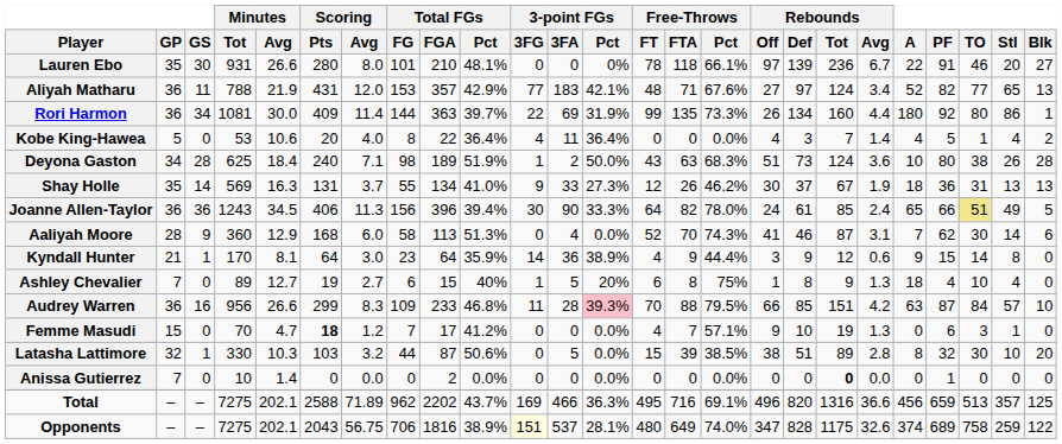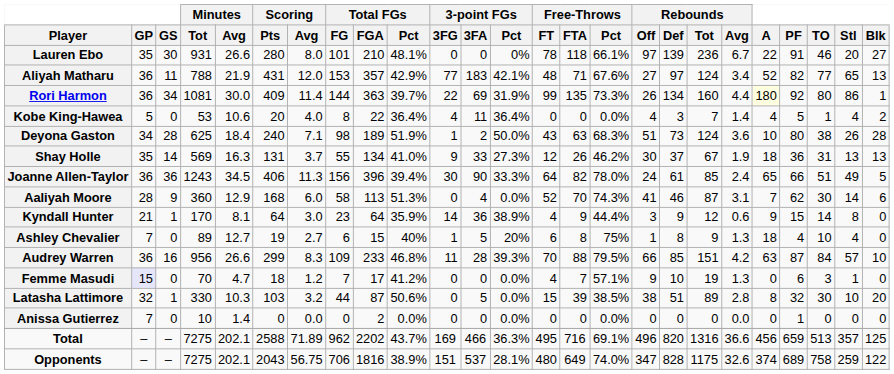 <table class="wikitable sortable" border="1" style="font-size:90%;">
 <tr>
 <th colspan="3" style="border-top-style:hidden; border-left-style:hidden; background: white;"></th>
 <th colspan="2" style=>Minutes</th>
 <th colspan="2" style=>Scoring</th>
 <th colspan="3" style=>Total FGs</th>
 <th colspan="3" style=>3-point FGs</th>
 <th colspan="3" style=>Free-Throws</th>
 <th colspan="4" style=>Rebounds</th>
 <th colspan="5" style="border-top-style:hidden; border-right-style:hidden; background: white;"></th>
 </tr>
 <tr>
 <th scope="col" style=>Player</th>
 <th scope="col" style=>GP</th>
 <th scope="col" style=>GS</th>
 <th scope="col" style=>Tot</th>
 <th scope="col" style=>Avg</th>
 <th scope="col" style=>Pts</th>
 <th scope="col" style=>Avg</th>
 <th scope="col" style=>FG</th>
 <th scope="col" style=>FGA</th>
 <th scope="col" style=>Pct</th>
 <th scope="col" style=>3FG</th>
 <th scope="col" style=>3FA</th>
 <th scope="col" style=>Pct</th>
 <th scope="col" style=>FT</th>
 <th scope="col" style=>FTA</th>
 <th scope="col" style=>Pct</th>
 <th scope="col" style=>Off</th>
 <th scope="col" style=>Def</th>
 <th scope="col" style=>Tot</th>
 <th scope="col" style=>Avg</th>
 <th scope="col" style=>A</th>
 <th scope="col">PF</th>
 <th scope="col">TO</th>
 <th scope="col" style=>Stl</th>
 <th scope="col" style=>Blk</th>
 </tr>
 <tr>
 <th>Lauren Ebo</th>
 <td align="right">35</td>
 <td align="right">30</td>
 <td align="right">931</td>
 <td align="right">26.6</td>
 <td align="right">280</td>
 <td align="right">8.0</td>
 <td align="right">101</td>
 <td align="right">210</td>
 <td align="right">48.1%</td>
 <td align="right">0</td>
 <td align="right">0</td>
 <td align="right">0%</td>
 <td align="right">78</td>
 <td align="right">118</td>
 <td align="right">66.1%</td>
 <td align="right">97</td>
 <td align="right">139</td>
 <td align="right">236</td>
 <td align="right">6.7</td>
 <td align="right">22</td>
 <td align="right">91</td>
 <td align="right">46</td>
 <td align="right">20</td>
 <td align="right">27</td>
 </tr>
 <tr>
 <th>Aliyah Matharu</th>
 <td align="right">36</td>
 <td align="right">11</td>
 <td align="right">788</td>
 <td align="right">21.9</td>
 <td align="right">431</td>
 <td align="right">12.0</td>
 <td align="right">153</td>
 <td align="right">357</td>
 <td align="right">42.9%</td>
 <td align="right">77</td>
 <td align="right">183</td>
 <td align="right">42.1%</td>
 <td align="right">48</td>
 <td align="right">71</td>
 <td align="right">67.6%</td>
 <td align="right">27</td>
 <td align="right">97</td>
 <td align="right">124</td>
 <td align="right">3.4</td>
 <td align="right">52</td>
 <td align="right">82</td>
 <td align="right">77</td>
 <td align="right">65</td>
 <td align="right">13</td>
 </tr>
 <tr>
 <th><a href='#'>Rori Harmon</a></th>
 <td align="right">36</td>
 <td align="right">34</td>
 <td align="right">1081</td>
 <td align="right">30.0</td>
 <td align="right">409</td>
 <td align="right">11.4</td>
 <td align="right">144</td>
 <td align="right">363</td>
 <td align="right">39.7%</td>
 <td align="right">22</td>
 <td align="right">69</td>
 <td align="right">31.9%</td>
 <td align="right">99</td>
 <td align="right">135</td>
 <td align="right">73.3%</td>
 <td align="right">26</td>
 <td align="right">134</td>
 <td align="right">160</td>
 <td align="right">4.4</td>
-<td align="right">180</td>
+<td align="right" style="background: lightyellow;">180</td>
 <td align="right">92</td>
 <td align="right">80</td>
 <td align="right">86</td>
 <td align="right">1</td>
 </tr>
 <tr>
 <th>Kobe King-Hawea</th>
 <td align="right">5</td>
 <td align="right">0</td>
 <td align="right">53</td>
 <td align="right">10.6</td>
 <td align="right">20</td>
 <td align="right">4.0</td>
 <td align="right">8</td>
 <td align="right">22</td>
 <td align="right">36.4%</td>
 <td align="right">4</td>
 <td align="right">11</td>
 <td align="right">36.4%</td>
 <td align="right">0</td>
 <td align="right">0</td>
 <td align="right">0.0%</td>
 <td align="right">4</td>
 <td align="right">3</td>
 <td align="right">7</td>
 <td align="right">1.4</td>
 <td align="right">4</td>
 <td align="right">5</td>
 <td align="right">1</td>
 <td align="right">4</td>
 <td align="right">2</td>
 </tr>
 <tr>
 <th style=white-space:nowrap>Deyona Gaston</th>
 <td align="right">34</td>
 <td align="right">28</td>
 <td align="right">625</td>
 <td align="right">18.4</td>
 <td align="right">240</td>
 <td align="right">7.1</td>
 <td align="right">98</td>
 <td align="right">189</td>
 <td align="right">51.9%</td>
 <td align="right">1</td>
 <td align="right">2</td>
 <td align="right">50.0%</td>
 <td align="right">43</td>
 <td align="right">63</td>
 <td align="right">68.3%</td>
 <td align="right">51</td>
 <td align="right">73</td>
 <td align="right">124</td>
 <td align="right">3.6</td>
 <td align="right">10</td>
 <td align="right">80</td>
 <td align="right">38</td>
 <td align="right">26</td>
 <td align="right">28</td>
 </tr>
 <tr>
 <th style=white-space:nowrap>Shay Holle</th>
 <td align="right">35</td>
 <td align="right">14</td>
 <td align="right">569</td>
 <td align="right">16.3</td>
 <td align="right">131</td>
 <td align="right">3.7</td>
 <td align="right">55</td>
 <td align="right">134</td>
 <td align="right">41.0%</td>
 <td align="right">9</td>
 <td align="right">33</td>
 <td align="right">27.3%</td>
 <td align="right">12</td>
 <td align="right">26</td>
 <td align="right">46.2%</td>
 <td align="right">30</td>
 <td align="right">37</td>
 <td align="right">67</td>
 <td align="right">1.9</td>
 <td align="right">18</td>
 <td align="right">36</td>
 <td align="right">31</td>
 <td align="right">13</td>
 <td align="right">13</td>
 </tr>
 <tr>
 <th style=white-space:nowrap>Joanne Allen-Taylor</th>
 <td align="right">36</td>
 <td align="right">36</td>
 <td align="right">1243</td>
 <td align="right">34.5</td>
 <td align="right">406</td>
 <td align="right">11.3</td>
 <td align="right">156</td>
 <td align="right">396</td>
 <td align="right">39.4%</td>
 <td align="right">30</td>
 <td align="right">90</td>
 <td align="right">33.3%</td>
 <td align="right">64</td>
 <td align="right">82</td>
 <td align="right">78.0%</td>
 <td align="right">24</td>
 <td align="right">61</td>
 <td align="right">85</td>
 <td align="right">2.4</td>
 <td align="right">65</td>
 <td align="right">66</td>
-<td align="right" style="background: khaki;">51</td>
+<td align="right">51</td>
 <td align="right">49</td>
 <td align="right">5</td>
 </tr>
 <tr>
 <th style=white-space:nowrap>Aaliyah Moore</th>
 <td align="right">28</td>
 <td align="right">9</td>
 <td align="right">360</td>
 <td align="right">12.9</td>
 <td align="right">168</td>
 <td align="right">6.0</td>
 <td align="right">58</td>
 <td align="right">113</td>
 <td align="right">51.3%</td>
 <td align="right">0</td>
 <td align="right">4</td>
 <td align="right">0.0%</td>
 <td align="right">52</td>
 <td align="right">70</td>
 <td align="right">74.3%</td>
 <td align="right">41</td>
 <td align="right">46</td>
 <td align="right">87</td>
 <td align="right">3.1</td>
 <td align="right">7</td>
 <td align="right">62</td>
 <td align="right">30</td>
 <td align="right">14</td>
 <td align="right">6</td>
 </tr>
 <tr>
 <th style=white-space:nowrap>Kyndall Hunter</th>
 <td align="right">21</td>
 <td align="right">1</td>
 <td align="right">170</td>
 <td align="right">8.1</td>
 <td align="right">64</td>
 <td align="right">3.0</td>
 <td align="right">23</td>
 <td align="right">64</td>
 <td align="right">35.9%</td>
 <td align="right">14</td>
 <td align="right">36</td>
 <td align="right">38.9%</td>
 <td align="right">4</td>
 <td align="right">9</td>
 <td align="right">44.4%</td>
 <td align="right">3</td>
 <td align="right">9</td>
 <td align="right">12</td>
 <td align="right">0.6</td>
 <td align="right">9</td>
 <td align="right">15</td>
 <td align="right">14</td>
 <td align="right">8</td>
 <td align="right">0</td>
 </tr>
 <tr>
 <th style=white-space:nowrap>Ashley Chevalier</th>
 <td align="right">7</td>
 <td align="right">0</td>
 <td align="right">89</td>
 <td align="right">12.7</td>
 <td align="right">19</td>
 <td align="right">2.7</td>
 <td align="right">6</td>
 <td align="right">15</td>
 <td align="right">40%</td>
 <td align="right">1</td>
 <td align="right">5</td>
 <td align="right">20%</td>
 <td align="right">6</td>
 <td align="right">8</td>
 <td align="right">75%</td>
 <td align="right">1</td>
 <td align="right">8</td>
 <td align="right">9</td>
 <td align="right">1.3</td>
 <td align="right">18</td>
 <td align="right">4</td>
 <td align="right">10</td>
 <td align="right">4</td>
 <td align="right">0</td>
 </tr>
 <tr>
 <th style=white-space:nowrap>Audrey Warren</th>
 <td align="right">36</td>
 <td align="right">16</td>
 <td align="right">956</td>
 <td align="right">26.6</td>
 <td align="right">299</td>
 <td align="right">8.3</td>
 <td align="right">109</td>
 <td align="right">233</td>
 <td align="right">46.8%</td>
 <td align="right">11</td>
 <td align="right">28</td>
-<td align="right" style="background: pink;">39.3%</td>
+<td align="right">39.3%</td>
 <td align="right">70</td>
 <td align="right">88</td>
 <td align="right">79.5%</td>
 <td align="right">66</td>
 <td align="right">85</td>
 <td align="right">151</td>
 <td align="right">4.2</td>
 <td align="right">63</td>
 <td align="right">87</td>
 <td align="right">84</td>
 <td align="right">57</td>
 <td align="right">10</td>
 </tr>
 <tr>
 <th style=white-space:nowrap>Femme Masudi</th>
-<td align="right">15</td>
+<td align="right" style="background: lavender;">15</td>
 <td align="right">0</td>
 <td align="right">70</td>
 <td align="right">4.7</td>
-<td align="right"><strong>18</strong></td>
+<td align="right">18</td>
 <td align="right">1.2</td>
 <td align="right">7</td>
 <td align="right">17</td>
 <td align="right">41.2%</td>
 <td align="right">0</td>
 <td align="right">0</td>
 <td align="right">0.0%</td>
 <td align="right">4</td>
 <td align="right">7</td>
 <td align="right">57.1%</td>
 <td align="right">9</td>
 <td align="right">10</td>
 <td align="right">19</td>
 <td align="right">1.3</td>
 <td align="right">0</td>
 <td align="right">6</td>
 <td align="right">3</td>
 <td align="right">1</td>
 <td align="right">0</td>
 </tr>
 <tr>
 <th style=white-space:nowrap>Latasha Lattimore</th>
 <td align="right">32</td>
 <td align="right">1</td>
 <td align="right">330</td>
 <td align="right">10.3</td>
 <td align="right">103</td>
 <td align="right">3.2</td>
 <td align="right">44</td>
 <td align="right">87</td>
 <td align="right">50.6%</td>
 <td align="right">0</td>
 <td align="right">5</td>
 <td align="right">0.0%</td>
 <td align="right">15</td>
 <td align="right">39</td>
 <td align="right">38.5%</td>
 <td align="right">38</td>
 <td align="right">51</td>
 <td align="right">89</td>
 <td align="right">2.8</td>
 <td align="right">8</td>
 <td align="right">32</td>
 <td align="right">30</td>
 <td align="right">10</td>
 <td align="right">20</td>
 </tr>
 <tr>
 <th style=white-space:nowrap>Anissa Gutierrez</th>
 <td align="right">7</td>
 <td align="right">0</td>
 <td align="right">10</td>
 <td align="right">1.4</td>
 <td align="right">0</td>
 <td align="right">0.0</td>
 <td align="right">0</td>
 <td align="right">2</td>
 <td align="right">0.0%</td>
 <td align="right">0</td>
 <td align="right">0</td>
 <td align="right">0.0%</td>
 <td align="right">0</td>
 <td align="right">0</td>
 <td align="right">0.0%</td>
 <td align="right">0</td>
 <td align="right">0</td>
-<td align="right"><strong>0</strong></td>
+<td align="right">0</td>
 <td align="right">0.0</td>
 <td align="right">0</td>
 <td align="right">1</td>
 <td align="right">0</td>
 <td align="right">0</td>
 <td align="right">0</td>
 </tr>
 <tr>
 </tr>
 <tr>
 </tr>
 <tr class="sortbottom">
 <td align="center" style=><strong>Total</strong></td>
 <td align="center">–</td>
 <td align="center">–</td>
 <td align="center" style=>7275</td>
 <td align="center" style=>202.1</td>
 <td align="center" style=>2588</td>
 <td align="center" style=>71.89</td>
 <td align="center" style=>962</td>
 <td align="center" style=>2202</td>
 <td align="center" style=>43.7%</td>
 <td align="center" style=>169</td>
 <td align="center" style=>466</td>
 <td align="center" style=>36.3%</td>
 <td align="center" style=>495</td>
 <td align="center" style=>716</td>
 <td align="center" style=>69.1%</td>
 <td align="center" style=>496</td>
 <td align="center" style=>820</td>
 <td align="center" style=>1316</td>
 <td align="center" style=>36.6</td>
 <td align="center" style=>456</td>
 <td align="center" style=>659</td>
 <td align="center" style=>513</td>
 <td align="center" style=>357</td>
 <td align="center">125</td>
 </tr>
 <tr class="sortbottom">
 <td align="center"><strong>Opponents</strong></td>
 <td align="center">–</td>
 <td align="center">–</td>
 <td align="center">7275</td>
 <td align="center">202.1</td>
 <td align="center">2043</td>
 <td align="center">56.75</td>
 <td align="center">706</td>
 <td align="center">1816</td>
 <td align="center">38.9%</td>
-<td align="center" style="background: lightyellow;">151</td>
+<td align="center">151</td>
 <td align="center">537</td>
 <td align="center">28.1%</td>
 <td align="center">480</td>
 <td align="center">649</td>
 <td align="center">74.0%</td>
 <td align="center">347</td>
 <td align="center">828</td>
 <td align="center">1175</td>
 <td align="center">32.6</td>
 <td align="center">374</td>
 <td align="center">689</td>
 <td align="center">758</td>
 <td align="center">259</td>
 <td align="center">122</td>
 </tr>
 </table>
